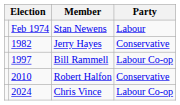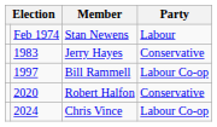 <table class="wikitable">
 <tr>
 <th colspan="2">Election</th>
 <th>Member</th>
 <th>Party</th>
 </tr>
 <tr>
 <td style="color:inherit;background-color: "></td>
 <td><a href='#'>Feb 1974</a></td>
 <td><a href='#'>Stan Newens</a></td>
 <td><a href='#'>Labour</a></td>
 </tr>
 <tr>
 <td style="color:inherit;background-color: "></td>
-<td><a href='#'>1982</a></td>
+<td><a href='#'>1983</a></td>
 <td><a href='#'>Jerry Hayes</a></td>
 <td><a href='#'>Conservative</a></td>
 </tr>
 <tr>
 <td style="color:inherit;background-color: "></td>
 <td><a href='#'>1997</a></td>
 <td><a href='#'>Bill Rammell</a></td>
 <td><a href='#'>Labour Co-op</a></td>
 </tr>
 <tr>
 <td style="color:inherit;background-color: "></td>
-<td><a href='#'>2010</a></td>
+<td><a href='#'>2020</a></td>
 <td><a href='#'>Robert Halfon</a></td>
 <td><a href='#'>Conservative</a></td>
 </tr>
 <tr>
 <td style="color:inherit;background-color: "></td>
 <td><a href='#'>2024</a></td>
 <td><a href='#'>Chris Vince</a></td>
 <td><a href='#'>Labour Co-op</a></td>
 </tr>
 </table>
